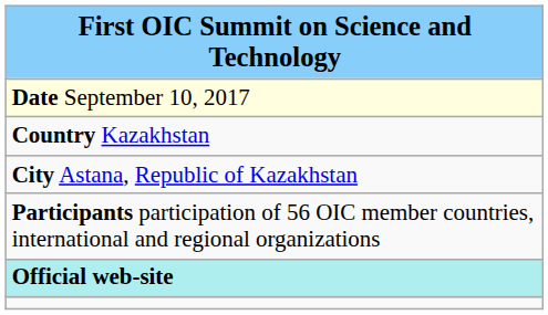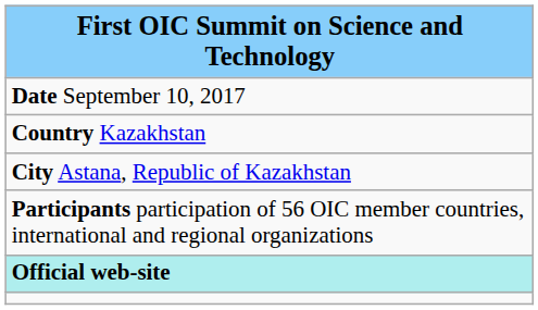 <table class="wikitable" style="float:right;  font-size:85%; text-align:left; width:25%; font-size:bigger; clear:right.">
 <tr>
 <th style="font-size:medium; background:#87CEFA">First OIC Summit on Science and Technology</th>
 </tr>
 <tr>
-<td style="background: lightyellow;"><strong>Date</strong>  September 10, 2017</td>
+<td><strong>Date</strong>  September 10, 2017</td>
 </tr>
 <tr>
 <td><strong>Country</strong> <a href='#'>Kazakhstan</a></td>
 </tr>
 <tr>
 <td><strong>City</strong> <a href='#'>Astana</a>, <a href='#'>Republic of Kazakhstan</a></td>
 </tr>
 <tr>
 <td><strong>Participants</strong>  participation of 56 OIC member countries, international and regional organizations</td>
 </tr>
 <tr>
 <td style="background: paleturquoise;"><strong>Official web-site</strong>  </td>
 </tr>
 <tr>
 <td></td>
 </tr>
 </table>
